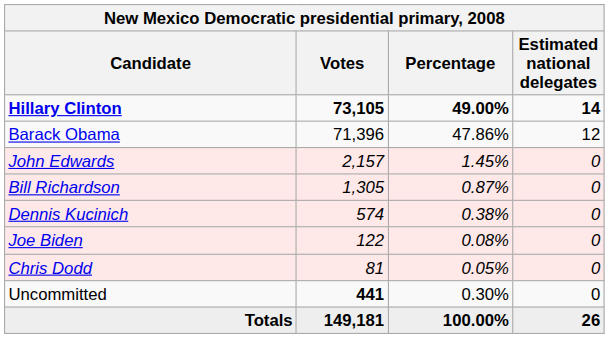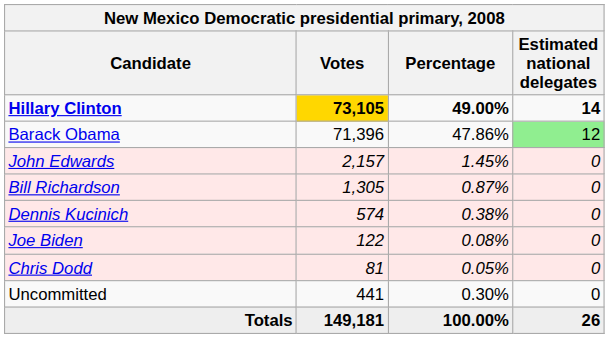 <table class="wikitable" style="font-size: 95%; text-align:right;">
 <tr>
 <th colspan="4">New Mexico Democratic presidential primary, 2008</th>
 </tr>
 <tr>
 <th style="width: 17em">Candidate</th>
 <th style="width: 5em">Votes</th>
 <th style="width: 7em">Percentage</th>
 <th style="width: 5em">Estimated national delegates</th>
 </tr>
 <tr>
 <td align="left"><strong><a href='#'>Hillary Clinton</a></strong></td>
-<td><strong>73,105</strong></td>
+<td style="background: gold;"><strong>73,105</strong></td>
 <td><strong>49.00%</strong></td>
 <td><strong>14</strong></td>
 </tr>
 <tr>
 <td align="left"><a href='#'>Barack Obama</a></td>
 <td>71,396</td>
 <td>47.86%</td>
-<td>12</td>
+<td style="background: lightgreen;">12</td>
 </tr>
 <tr bgcolor=#FFE8E8>
 <td align="left"><em><a href='#'>John Edwards</a></em></td>
 <td><em>2,157</em></td>
 <td><em>1.45%</em></td>
 <td><em>0</em></td>
 </tr>
 <tr bgcolor=#FFE8E8>
 <td align="left"><em><a href='#'>Bill Richardson</a></em></td>
 <td><em>1,305</em></td>
 <td><em>0.87%</em></td>
 <td><em>0</em></td>
 </tr>
 <tr bgcolor=#FFE8E8>
 <td align="left"><em><a href='#'>Dennis Kucinich</a></em></td>
 <td><em>574</em></td>
 <td><em>0.38%</em></td>
 <td><em>0</em></td>
 </tr>
 <tr bgcolor=#FFE8E8>
 <td align="left"><em><a href='#'>Joe Biden</a></em></td>
 <td><em>122</em></td>
 <td><em>0.08%</em></td>
 <td><em>0</em></td>
 </tr>
 <tr bgcolor=#FFE8E8>
 <td align="left"><em><a href='#'>Chris Dodd</a></em></td>
 <td><em>81</em></td>
 <td><em>0.05%</em></td>
 <td><em>0</em></td>
 </tr>
 <tr>
 <td align="left">Uncommitted</td>
-<td><strong>441</strong></td>
+<td>441</td>
 <td>0.30%</td>
 <td>0</td>
 </tr>
 <tr bgcolor="#EEEEEE" style="margin-right:0.5em">
 <td><strong>Totals</strong></td>
 <td><strong>149,181</strong></td>
 <td><strong>100.00%</strong></td>
 <td><strong>26</strong></td>
 </tr>
 </table>
